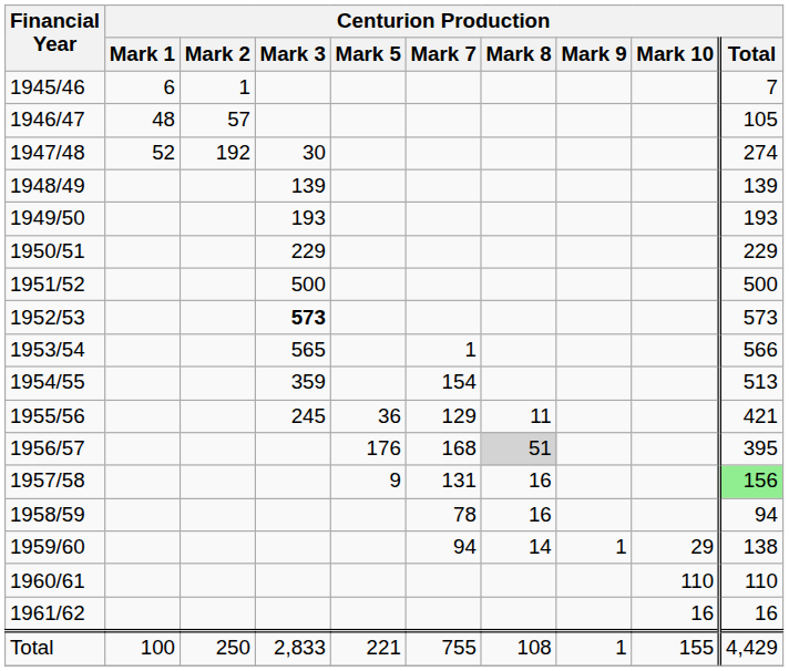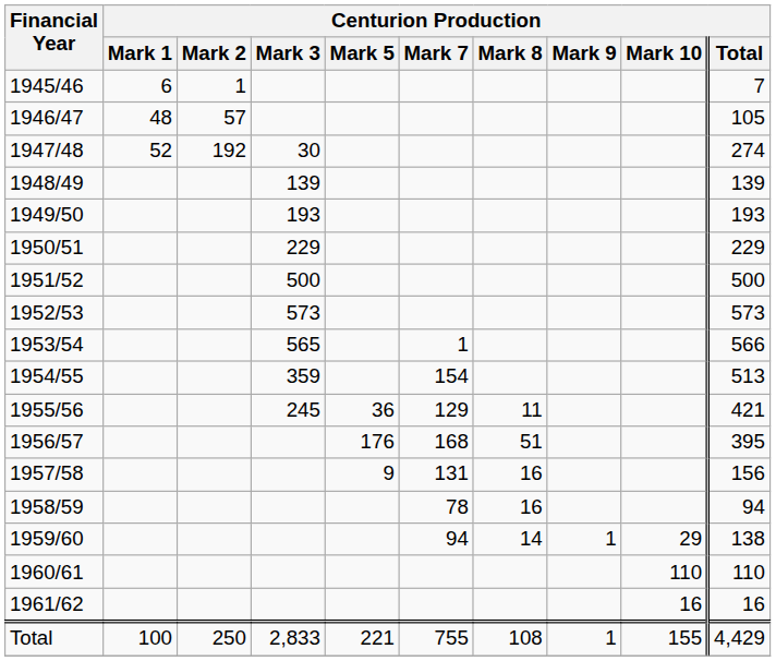 <table class="wikitable">
 <tr style="vertical-align:top;">
 <th rowspan=2>Financial<br>Year</th>
 <th colspan=10>Centurion Production </th>
 </tr>
 <tr style="vertical-align:top;">
 <th>Mark 1</th>
 <th>Mark 2</th>
 <th>Mark 3</th>
 <th>Mark 5</th>
 <th>Mark 7</th>
 <th>Mark 8</th>
 <th>Mark 9</th>
 <th>Mark 10</th>
 <th style="border-left: double 3px">Total</th>
 </tr>
 <tr style="vertical-align:top;">
 <td>1945/46</td>
 <td style="text-align:right;">6</td>
 <td style="text-align:right;">1</td>
 <td style="text-align:right;"></td>
 <td style="text-align:right;"></td>
 <td style="text-align:right;"></td>
 <td style="text-align:right;"></td>
 <td style="text-align:right;"></td>
 <td style="text-align:right;"></td>
 <td style="text-align:right; border-left: double 3px">7</td>
 </tr>
 <tr style="vertical-align:top;">
 <td>1946/47</td>
 <td style="text-align:right;">48</td>
 <td style="text-align:right;">57</td>
 <td style="text-align:right;"></td>
 <td style="text-align:right;"></td>
 <td style="text-align:right;"></td>
 <td style="text-align:right;"></td>
 <td style="text-align:right;"></td>
 <td style="text-align:right;"></td>
 <td style="text-align:right; border-left: double 3px">105</td>
 </tr>
 <tr style="vertical-align:top;">
 <td>1947/48</td>
 <td style="text-align:right;">52</td>
 <td style="text-align:right;">192</td>
 <td style="text-align:right;">30</td>
 <td style="text-align:right;"></td>
 <td style="text-align:right;"></td>
 <td style="text-align:right;"></td>
 <td style="text-align:right;"></td>
 <td style="text-align:right;"></td>
 <td style="text-align:right; border-left: double 3px">274</td>
 </tr>
 <tr style="vertical-align:top;">
 <td>1948/49</td>
 <td style="text-align:right;"></td>
 <td style="text-align:right;"></td>
 <td style="text-align:right;">139</td>
 <td style="text-align:right;"></td>
 <td style="text-align:right;"></td>
 <td style="text-align:right;"></td>
 <td style="text-align:right;"></td>
 <td style="text-align:right;"></td>
 <td style="text-align:right; border-left: double 3px">139</td>
 </tr>
 <tr style="vertical-align:top;">
 <td>1949/50</td>
 <td style="text-align:right;"></td>
 <td style="text-align:right;"></td>
 <td style="text-align:right;">193</td>
 <td style="text-align:right;"></td>
 <td style="text-align:right;"></td>
 <td style="text-align:right;"></td>
 <td style="text-align:right;"></td>
 <td style="text-align:right;"></td>
 <td style="text-align:right; border-left: double 3px">193</td>
 </tr>
 <tr style="vertical-align:top;">
 <td>1950/51</td>
 <td style="text-align:right;"></td>
 <td style="text-align:right;"></td>
 <td style="text-align:right;">229</td>
 <td style="text-align:right;"></td>
 <td style="text-align:right;"></td>
 <td style="text-align:right;"></td>
 <td style="text-align:right;"></td>
 <td style="text-align:right;"></td>
 <td style="text-align:right; border-left: double 3px">229</td>
 </tr>
 <tr style="vertical-align:top;">
 <td>1951/52</td>
 <td style="text-align:right;"></td>
 <td style="text-align:right;"></td>
 <td style="text-align:right;">500</td>
 <td style="text-align:right;"></td>
 <td style="text-align:right;"></td>
 <td style="text-align:right;"></td>
 <td style="text-align:right;"></td>
 <td style="text-align:right;"></td>
 <td style="text-align:right; border-left: double 3px">500</td>
 </tr>
 <tr style="vertical-align:top;">
 <td>1952/53</td>
 <td style="text-align:right;"></td>
 <td style="text-align:right;"></td>
-<td style="text-align:right;"><strong>573</strong></td>
+<td style="text-align:right;">573</td>
 <td style="text-align:right;"></td>
 <td style="text-align:right;"></td>
 <td style="text-align:right;"></td>
 <td style="text-align:right;"></td>
 <td style="text-align:right;"></td>
 <td style="text-align:right; border-left: double 3px">573</td>
 </tr>
 <tr style="vertical-align:top;">
 <td>1953/54</td>
 <td style="text-align:right;"></td>
 <td style="text-align:right;"></td>
 <td style="text-align:right;">565</td>
 <td style="text-align:right;"></td>
 <td style="text-align:right;">1</td>
 <td style="text-align:right;"></td>
 <td style="text-align:right;"></td>
 <td style="text-align:right;"></td>
 <td style="text-align:right; border-left: double 3px">566</td>
 </tr>
 <tr style="vertical-align:top;">
 <td>1954/55</td>
 <td style="text-align:right;"></td>
 <td style="text-align:right;"></td>
 <td style="text-align:right;">359</td>
 <td style="text-align:right;"></td>
 <td style="text-align:right;">154</td>
 <td style="text-align:right;"></td>
 <td style="text-align:right;"></td>
 <td style="text-align:right;"></td>
 <td style="text-align:right; border-left: double 3px">513</td>
 </tr>
 <tr style="vertical-align:top;">
 <td>1955/56</td>
 <td style="text-align:right;"></td>
 <td style="text-align:right;"></td>
 <td style="text-align:right;">245</td>
 <td style="text-align:right;">36</td>
 <td style="text-align:right;">129</td>
 <td style="text-align:right;">11</td>
 <td style="text-align:right;"></td>
 <td style="text-align:right;"></td>
 <td style="text-align:right; border-left: double 3px">421</td>
 </tr>
 <tr style="vertical-align:top;">
 <td>1956/57</td>
 <td style="text-align:right;"></td>
 <td style="text-align:right;"></td>
 <td style="text-align:right;"></td>
 <td style="text-align:right;">176</td>
 <td style="text-align:right;">168</td>
-<td style="background: lightgrey; text-align:right;">51</td>
+<td style="text-align:right;">51</td>
 <td style="text-align:right;"></td>
 <td style="text-align:right;"></td>
 <td style="text-align:right; border-left: double 3px">395</td>
 </tr>
 <tr style="vertical-align:top;">
 <td>1957/58</td>
 <td style="text-align:right;"></td>
 <td style="text-align:right;"></td>
 <td style="text-align:right;"></td>
 <td style="text-align:right;">9</td>
 <td style="text-align:right;">131</td>
 <td style="text-align:right;">16</td>
 <td style="text-align:right;"></td>
 <td style="text-align:right;"></td>
-<td style="background: lightgreen; text-align:right; border-left: double 3px">156</td>
+<td style="text-align:right; border-left: double 3px">156</td>
 </tr>
 <tr style="vertical-align:top;">
 <td>1958/59</td>
 <td style="text-align:right;"></td>
 <td style="text-align:right;"></td>
 <td style="text-align:right;"></td>
 <td style="text-align:right;"></td>
 <td style="text-align:right;">78</td>
 <td style="text-align:right;">16</td>
 <td style="text-align:right;"></td>
 <td style="text-align:right;"></td>
 <td style="text-align:right; border-left: double 3px">94</td>
 </tr>
 <tr style="vertical-align:top;">
 <td>1959/60</td>
 <td style="text-align:right;"></td>
 <td style="text-align:right;"></td>
 <td style="text-align:right;"></td>
 <td style="text-align:right;"></td>
 <td style="text-align:right;">94</td>
 <td style="text-align:right;">14</td>
 <td style="text-align:right;">1</td>
 <td style="text-align:right;">29</td>
 <td style="text-align:right; border-left: double 3px">138</td>
 </tr>
 <tr style="vertical-align:top;">
 <td>1960/61</td>
 <td style="text-align:right;"></td>
 <td style="text-align:right;"></td>
 <td style="text-align:right;"></td>
 <td style="text-align:right;"></td>
 <td style="text-align:right;"></td>
 <td style="text-align:right;"></td>
 <td style="text-align:right;"></td>
 <td style="text-align:right;">110</td>
 <td style="text-align:right; border-left: double 3px">110</td>
 </tr>
 <tr style="vertical-align:top;">
 <td>1961/62</td>
 <td style="text-align:right;"></td>
 <td style="text-align:right;"></td>
 <td style="text-align:right;"></td>
 <td style="text-align:right;"></td>
 <td style="text-align:right;"></td>
 <td style="text-align:right;"></td>
 <td style="text-align:right;"></td>
 <td style="text-align:right;">16</td>
 <td style="text-align:right; border-left: double 3px">16</td>
 </tr>
 <tr style="vertical-align:top; border-top: double 3px">
 <td>Total</td>
 <td style="text-align:right;">100</td>
 <td style="text-align:right;">250</td>
 <td style="text-align:right;">2,833</td>
 <td style="text-align:right;">221</td>
 <td style="text-align:right;">755</td>
 <td style="text-align:right;">108</td>
 <td style="text-align:right;">1</td>
 <td style="text-align:right;">155</td>
 <td style="text-align:right; border-left: double 3px">4,429</td>
 </tr>
 <tr>
 </tr>
 </table>
